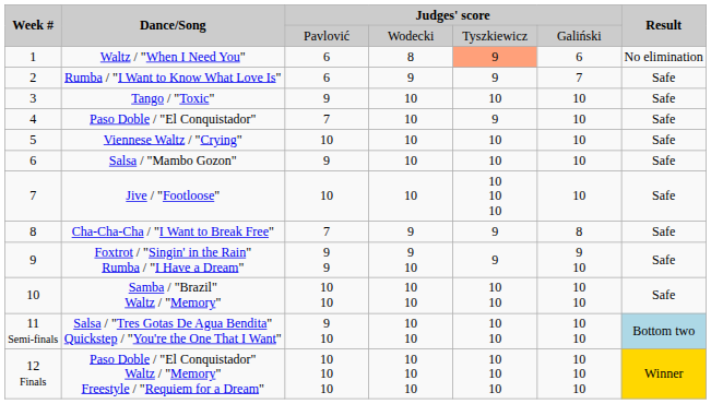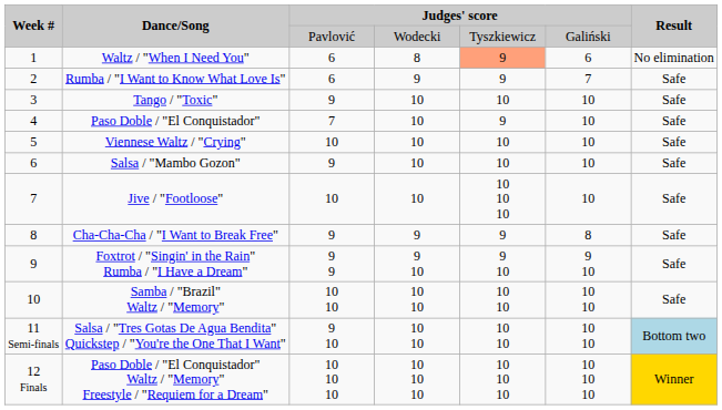 <table class="wikitable">
 <tr style="text-align:Center; background:#ccc;">
 <td rowspan="2"><strong>Week #</strong></td>
 <td rowspan="2"><strong>Dance/Song</strong></td>
 <td colspan="4"><strong>Judges' score</strong></td>
 <td rowspan="2"><strong>Result</strong></td>
 </tr>
 <tr style="text-align:center; background:#ccc;">
 <td style="width:12%; ">Pavlović</td>
 <td style="width:12%; ">Wodecki</td>
 <td style="width:12%; ">Tyszkiewicz</td>
 <td style="width:12%; ">Galiński</td>
 </tr>
 <tr>
 <td style="text-align:center;">1</td>
 <td style="text-align:center;"><a href='#'>Waltz</a> / "<a href='#'>When I Need You</a>"</td>
 <td style="text-align:center;">6</td>
 <td style="text-align:center;">8</td>
 <td style="background: lightsalmon; text-align:center;">9</td>
 <td style="text-align:center;">6</td>
 <td style="text-align:center;">No elimination</td>
 </tr>
 <tr>
 <td style="text-align:center;">2</td>
 <td style="text-align:center;"><a href='#'>Rumba</a> / "<a href='#'>I Want to Know What Love Is</a>"</td>
 <td style="text-align:center;">6</td>
 <td style="text-align:center;">9</td>
 <td style="text-align:center;">9</td>
 <td style="text-align:center;">7</td>
 <td style="text-align:center;">Safe</td>
 </tr>
 <tr>
 <td style="text-align:center;">3</td>
 <td style="text-align:center;"><a href='#'>Tango</a> / "<a href='#'>Toxic</a>"</td>
 <td style="text-align:center;">9</td>
 <td style="text-align:center;">10</td>
 <td style="text-align:center;">10</td>
 <td style="text-align:center;">10</td>
 <td style="text-align:center;">Safe</td>
 </tr>
 <tr>
 <td style="text-align:center;">4</td>
 <td style="text-align:center;"><a href='#'>Paso Doble</a> / "El Conquistador"</td>
 <td style="text-align:center;">7</td>
 <td style="text-align:center;">10</td>
 <td style="text-align:center;">9</td>
 <td style="text-align:center;">10</td>
 <td style="text-align:center;">Safe</td>
 </tr>
 <tr>
 <td style="text-align:center;">5</td>
 <td style="text-align:center;"><a href='#'>Viennese Waltz</a> / "<a href='#'>Crying</a>"</td>
 <td style="text-align:center;">10</td>
 <td style="text-align:center;">10</td>
 <td style="text-align:center;">10</td>
 <td style="text-align:center;">10</td>
 <td style="text-align:center;">Safe</td>
 </tr>
 <tr>
 <td style="text-align:center;">6</td>
 <td style="text-align:center;"><a href='#'>Salsa</a> / "Mambo Gozon"</td>
 <td style="text-align:center;">9</td>
 <td style="text-align:center;">10</td>
 <td style="text-align:center;">10</td>
 <td style="text-align:center;">10</td>
 <td style="text-align:center;">Safe</td>
 </tr>
 <tr>
 <td style="text-align:center;">7</td>
 <td style="text-align:center;"><a href='#'>Jive</a> / "<a href='#'>Footloose</a>"</td>
 <td style="text-align:center;">10</td>
 <td style="text-align:center;">10</td>
 <td style="text-align:center;">10<br>10<br>10</td>
 <td style="text-align:center;">10</td>
 <td style="text-align:center;">Safe</td>
 </tr>
 <tr>
 <td style="text-align:center;">8</td>
 <td style="text-align:center;"><a href='#'>Cha-Cha-Cha</a> / "<a href='#'>I Want to Break Free</a>"</td>
-<td style="text-align:center;">7</td>
+<td style="text-align:center;">9</td>
 <td style="text-align:center;">9</td>
 <td style="text-align:center;">9</td>
 <td style="text-align:center;">8</td>
 <td style="text-align:center;">Safe</td>
 </tr>
 <tr>
 <td style="text-align:center;">9</td>
 <td style="text-align:center;"><a href='#'>Foxtrot</a> / "<a href='#'>Singin' in the Rain</a>"<br><a href='#'>Rumba</a> / "<a href='#'>I Have a Dream</a>"</td>
 <td style="text-align:center;">9<br>9</td>
 <td style="text-align:center;">9<br>10</td>
-<td style="text-align:center;">9</td>
+<td style="text-align:center;">9<br>10</td>
 <td style="text-align:center;">9<br>10</td>
 <td style="text-align:center;">Safe</td>
 </tr>
 <tr>
 <td style="text-align:center;">10</td>
 <td style="text-align:center;"><a href='#'>Samba</a> / "Brazil"<br><a href='#'>Waltz</a> / "<a href='#'>Memory</a>"</td>
 <td style="text-align:center;">10<br>10</td>
 <td style="text-align:center;">10<br>10</td>
 <td style="text-align:center;">10<br>10</td>
 <td style="text-align:center;">10<br>10</td>
 <td style="text-align:center;">Safe</td>
 </tr>
 <tr>
 <td style="text-align:center;">11<br><small>Semi-finals</small></td>
 <td style="text-align:center;"><a href='#'>Salsa</a> / "<a href='#'>Tres Gotas De Agua Bendita</a>"<br><a href='#'>Quickstep</a> / "<a href='#'>You're the One That I Want</a>"</td>
 <td style="text-align:center;">9<br>10</td>
 <td style="text-align:center;">10<br>10</td>
 <td style="text-align:center;">10<br>10</td>
 <td style="text-align:center;">10<br>10</td>
 <td style="text-align:center; background:lightblue">Bottom two</td>
 </tr>
 <tr>
 <td style="text-align:center;">12<br><small>Finals</small></td>
 <td style="text-align:center;"><a href='#'>Paso Doble</a> / "El Conquistador"<br><a href='#'>Waltz</a> / "<a href='#'>Memory</a>"<br><a href='#'>Freestyle</a> / "<a href='#'>Requiem for a Dream</a>"</td>
 <td style="text-align:center;">10<br>10<br>10</td>
 <td style="text-align:center;">10<br>10<br>10</td>
 <td style="text-align:center;">10<br>10<br>10</td>
 <td style="text-align:center;">10<br>10<br>10</td>
 <td style="text-align:center; background:gold;">Winner</td>
 </tr>
 </table>
